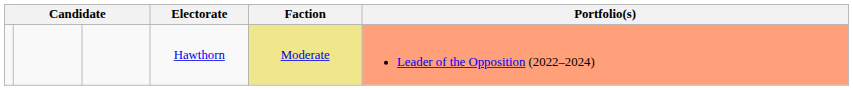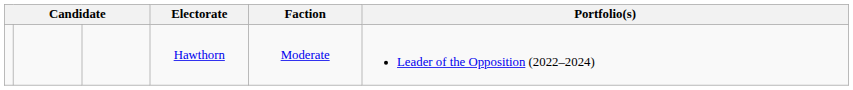 <table class="wikitable" style="text-align:center">
 <tr>
 <th width=175px; colspan=3>Candidate</th>
 <th width=115px>Electorate</th>
 <th width=135px>Faction</th>
 <th width=600px>Portfolio(s)</th>
 </tr>
 <tr>
 <td width="3pt" > </td>
 <td></td>
 <td></td>
 <td><a href='#'>Hawthorn</a></td>
-<td style="background: khaki;"><a href='#'>Moderate</a></td>
-<td align=left style="background: lightsalmon;"><br><ul><li><a href='#'>Leader of the Opposition</a> (2022–2024)</li></ul></td>
+<td><a href='#'>Moderate</a></td>
+<td align=left><br><ul><li><a href='#'>Leader of the Opposition</a> (2022–2024)</li></ul></td>
 </tr>
 </table>
